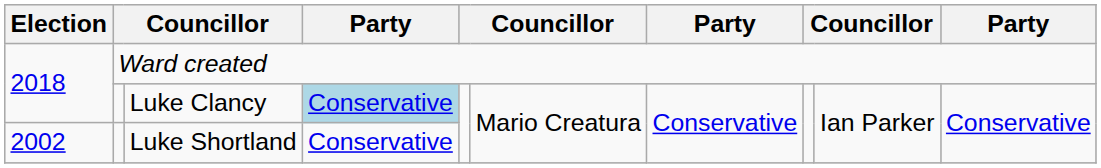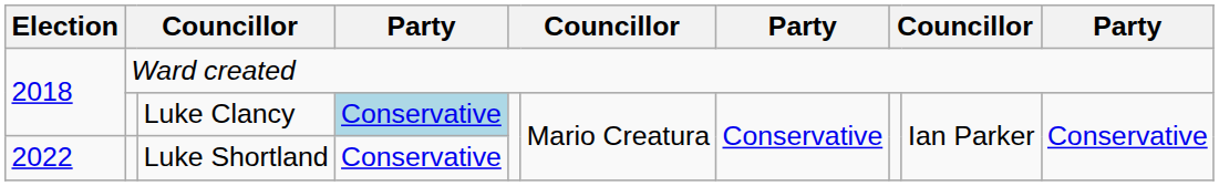 <table class="wikitable">
 <tr>
 <th>Election</th>
 <th colspan="2">Councillor</th>
 <th>Party</th>
 <th colspan="2">Councillor</th>
 <th>Party</th>
 <th colspan="2">Councillor</th>
 <th>Party</th>
 </tr>
 <tr>
 <td rowspan="2"><a href='#'>2018</a></td>
 <td colspan="12"><em>Ward created</em></td>
 </tr>
 <tr>
 <td style="background-color: "></td>
 <td>Luke Clancy</td>
 <td style="background: lightblue;"><a href='#'>Conservative</a></td>
 <td rowspan="2" style="background-color: "></td>
 <td rowspan="2">Mario Creatura</td>
 <td rowspan="2"><a href='#'>Conservative</a></td>
 <td rowspan="2" style="background-color: "></td>
 <td rowspan="2">Ian Parker</td>
 <td rowspan="2"><a href='#'>Conservative</a></td>
 </tr>
 <tr>
-<td><a href='#'>2002</a></td>
+<td><a href='#'>2022</a></td>
 <td style="background-color: "></td>
 <td>Luke Shortland</td>
 <td><a href='#'>Conservative</a></td>
 </tr>
 </table>
